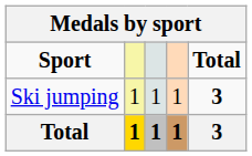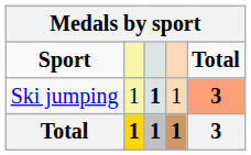 <table class=wikitable style="font-size:95%; float:right">
 <tr bgcolor=efefef>
 <th colspan=7><strong>Medals by sport</strong></th>
 </tr>
 <tr align=center>
 <td><strong>Sport</strong></td>
 <td bgcolor=f7f6a8></td>
 <td bgcolor=dce5e5></td>
 <td bgcolor=ffdab9></td>
 <td><strong>Total</strong></td>
 </tr>
 <tr align=center>
 <td><a href='#'>Ski jumping</a></td>
 <td style="background:#F7F6A8;">1</td>
-<td style="background:#DCE5E5;">1</td>
+<td style="background:#DCE5E5;"><strong>1</strong></td>
 <td style="background:#FFDAB9;">1</td>
-<td><strong>3</strong></td>
+<td style="background: lightsalmon;"><strong>3</strong></td>
 </tr>
 <tr align=center>
 <th>Total</th>
 <th style="background:gold">1</th>
 <th style="background:silver">1</th>
 <th style="background:#c96">1</th>
 <th>3</th>
 </tr>
 </table>
